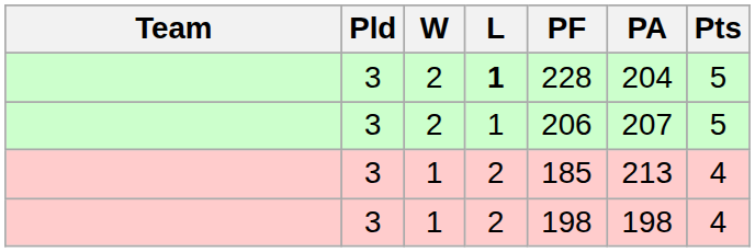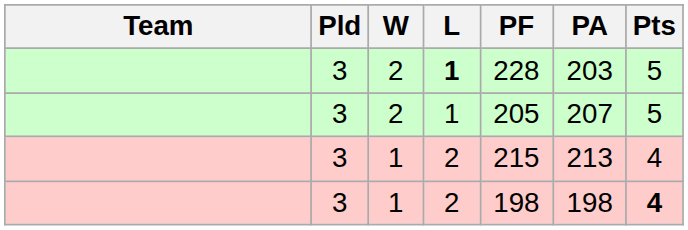 <table class="wikitable" style="text-align:center;">
 <tr>
 <th width=170>Team</th>
 <th width=25>Pld</th>
 <th width=25>W</th>
 <th width=25>L</th>
 <th width=35>PF</th>
 <th width=35>PA</th>
 <th width=25>Pts</th>
 </tr>
 <tr bgcolor=#ccffcc>
 <td align="left"></td>
 <td>3</td>
 <td>2</td>
 <td><strong>1</strong></td>
 <td>228</td>
-<td>204</td>
+<td>203</td>
 <td>5</td>
 </tr>
 <tr bgcolor=#ccffcc>
 <td align="left"></td>
 <td>3</td>
 <td>2</td>
 <td>1</td>
-<td>206</td>
+<td>205</td>
 <td>207</td>
 <td>5</td>
 </tr>
 <tr bgcolor=#ffcccc>
 <td align="left"></td>
 <td>3</td>
 <td>1</td>
 <td>2</td>
-<td>185</td>
+<td>215</td>
 <td>213</td>
 <td>4</td>
 </tr>
 <tr bgcolor=#ffcccc>
 <td align="left"></td>
 <td>3</td>
 <td>1</td>
 <td>2</td>
 <td>198</td>
 <td>198</td>
-<td>4</td>
+<td><strong>4</strong></td>
 </tr>
 </table>
